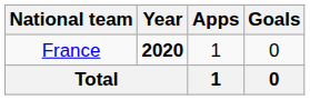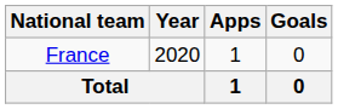 <table class="wikitable" style="text-align: center;">
 <tr>
 <th>National team</th>
 <th>Year</th>
 <th>Apps</th>
 <th>Goals</th>
 </tr>
 <tr>
 <td rowspan=1><a href='#'>France</a></td>
-<td><strong>2020</strong></td>
+<td>2020</td>
 <td>1</td>
 <td>0</td>
 </tr>
 <tr>
 <th colspan=2>Total</th>
 <th>1</th>
 <th>0</th>
 </tr>
 </table>
